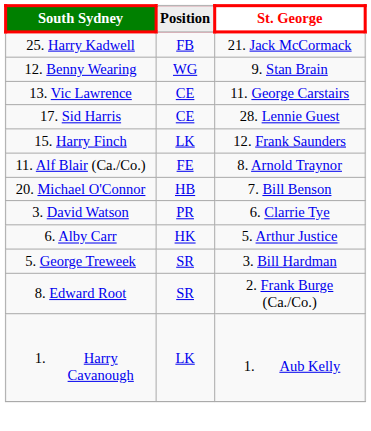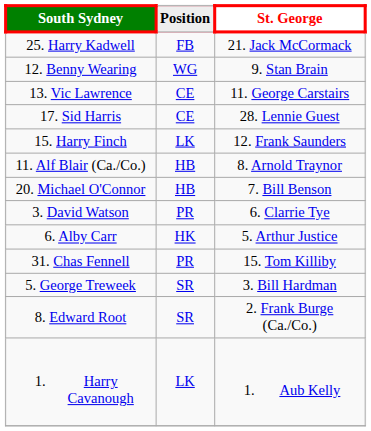 <table align="right" class="wikitable" style="font-size:90%; margin-left:1em">
 <tr bgcolor="#FF0033">
 <th style="width:140px; border:3px solid red; background: green; color: white">South Sydney</th>
 <th style="width:40px; text-align:center; background:#eee; color:black;">Position</th>
 <th style="width:140px; border:3px solid red; background: white; color: red">St. George</th>
 </tr>
 <tr align=center>
 <td>25. <a href='#'>Harry Kadwell</a></td>
 <td><a href='#'>FB</a></td>
 <td>21. <a href='#'>Jack McCormack</a></td>
 </tr>
 <tr align=center>
 <td>12. <a href='#'>Benny Wearing</a></td>
 <td><a href='#'>WG</a></td>
 <td>9. <a href='#'>Stan Brain</a></td>
 </tr>
 <tr align=center>
 <td>13. <a href='#'>Vic Lawrence</a></td>
 <td><a href='#'>CE</a></td>
 <td>11. <a href='#'>George Carstairs</a></td>
 </tr>
 <tr align=center>
 <td>17. <a href='#'>Sid Harris</a></td>
 <td><a href='#'>CE</a></td>
 <td>28. <a href='#'>Lennie Guest</a></td>
 </tr>
 <tr align=center>
 <td>15. <a href='#'>Harry Finch</a></td>
 <td><a href='#'>LK</a></td>
 <td>12. <a href='#'>Frank Saunders</a></td>
 </tr>
 <tr align=center>
 <td>11. <a href='#'>Alf Blair</a> (Ca./Co.)</td>
-<td><a href='#'>FE</a></td>
+<td><a href='#'>HB</a></td>
 <td>8. <a href='#'>Arnold Traynor</a></td>
 </tr>
 <tr align=center>
 <td>20. <a href='#'>Michael O'Connor</a></td>
 <td><a href='#'>HB</a></td>
 <td>7. <a href='#'>Bill Benson</a></td>
 </tr>
 <tr align=center>
 <td>3. <a href='#'>David Watson</a></td>
 <td><a href='#'>PR</a></td>
 <td>6. <a href='#'>Clarrie Tye</a></td>
 </tr>
 <tr align=center>
 <td>6. <a href='#'>Alby Carr</a></td>
 <td><a href='#'>HK</a></td>
 <td>5. <a href='#'>Arthur Justice</a></td>
+</tr>
+<tr align=center>
+<td>31. <a href='#'>Chas Fennell</a></td>
+<td><a href='#'>PR</a></td>
+<td>15. <a href='#'>Tom Killiby</a></td>
 </tr>
 <tr align=center>
 <td>5. <a href='#'>George Treweek</a></td>
 <td><a href='#'>SR</a></td>
 <td>3. <a href='#'>Bill Hardman</a></td>
 </tr>
 <tr align=center>
 <td>8. <a href='#'>Edward Root</a></td>
 <td><a href='#'>SR</a></td>
 <td>2. <a href='#'>Frank Burge</a> (Ca./Co.)</td>
 </tr>
 <tr align=center>
 <td><br><ol><li><a href='#'>Harry Cavanough</a></li></ol></td>
 <td><a href='#'>LK</a></td>
 <td><br><ol><li><a href='#'>Aub Kelly</a></li></ol></td>
 </tr>
 <tr>
 </tr>
 </table>
